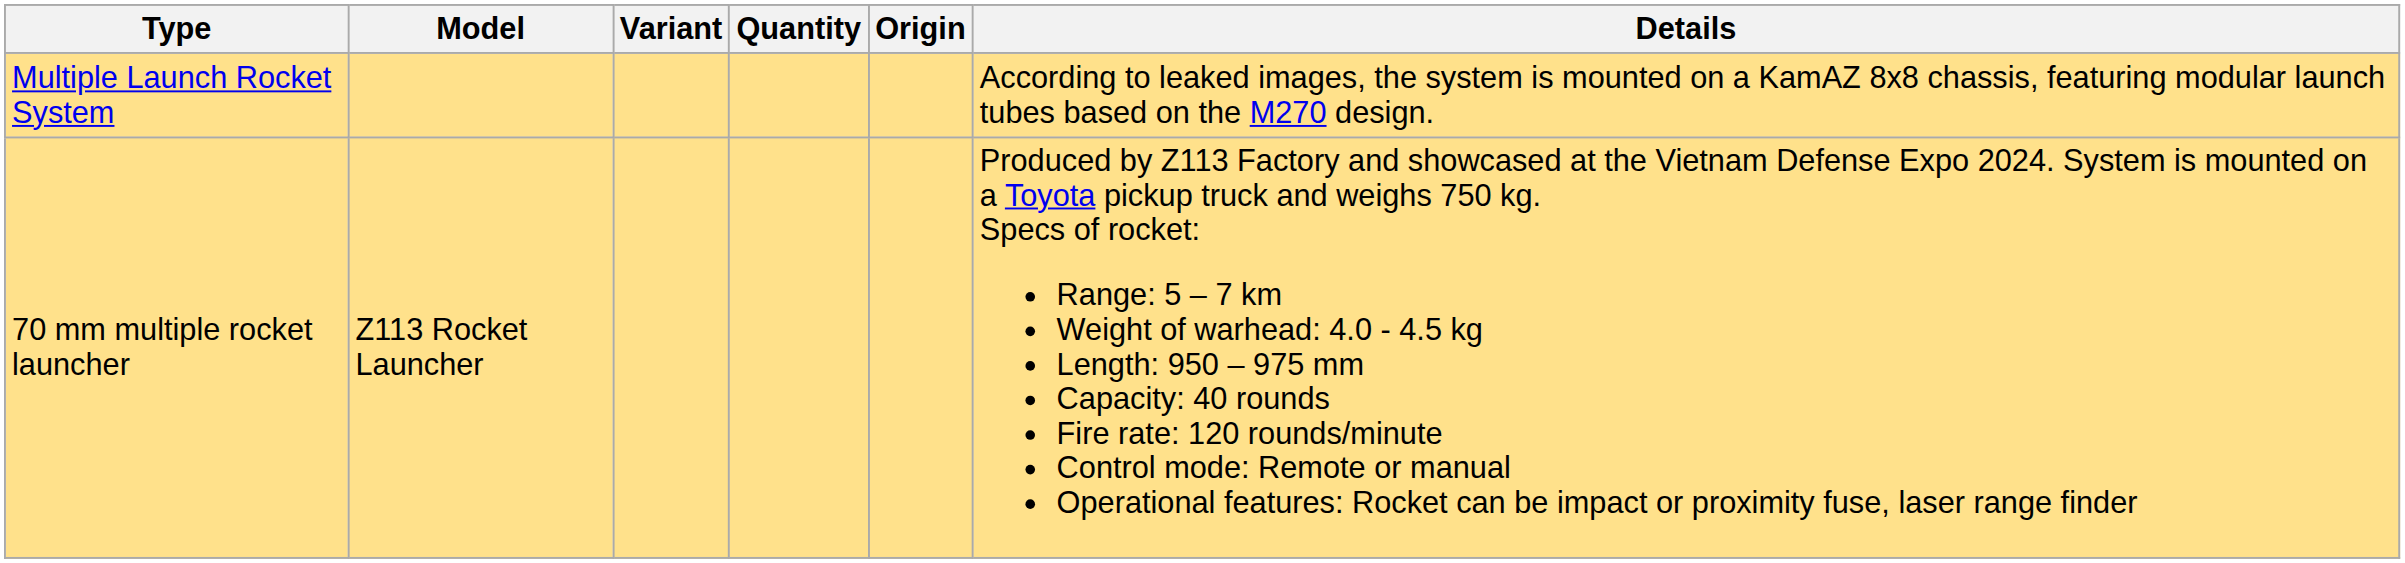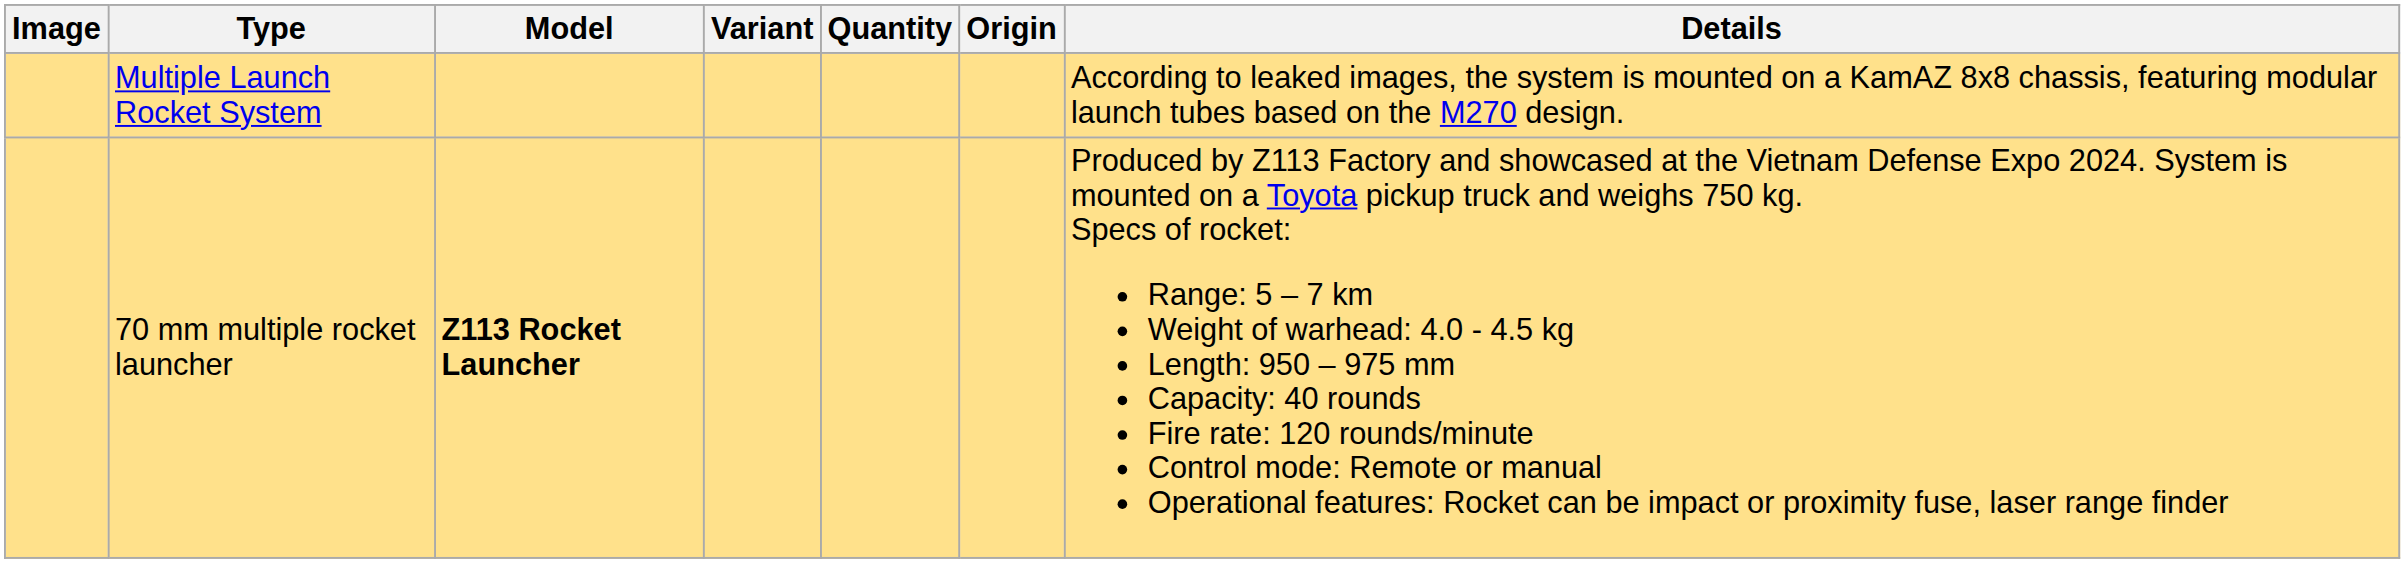 <table class="wikitable">
 <tr>
+<th>Image</th>
 <th>Type</th>
 <th>Model</th>
 <th>Variant</th>
 <th>Quantity</th>
 <th>Origin</th>
 <th>Details</th>
 </tr>
 <tr>
+<td style="background: #FFE18B"></td>
 <td style="background: #FFE18B"><a href='#'>Multiple Launch Rocket System</a></td>
 <td style="background: #FFE18B"></td>
 <td style="background: #FFE18B"></td>
 <td style="background: #FFE18B"></td>
 <td style="background: #FFE18B"></td>
 <td style="background: #FFE18B">According to leaked images, the system is mounted on a KamAZ 8x8 chassis, featuring modular launch tubes based on the <a href='#'>M270</a> design.</td>
 </tr>
 <tr>
+<td style="background: #FFE18B"></td>
 <td style="background: #FFE18B">70 mm multiple rocket launcher</td>
-<td style="background: #FFE18B">Z113 Rocket Launcher</td>
+<td style="background: #FFE18B"><strong>Z113 Rocket Launcher</strong></td>
 <td style="background: #FFE18B"></td>
 <td style="background: #FFE18B"></td>
 <td style="background: #FFE18B"></td>
 <td style="background: #FFE18B">Produced by Z113 Factory and showcased at the Vietnam Defense Expo 2024. System is mounted on a <a href='#'>Toyota</a> pickup truck and weighs 750 kg.<br>Specs of rocket:<ul><li>Range: 5 – 7 km</li><li>Weight of warhead: 4.0 - 4.5 kg</li><li>Length: 950 – 975 mm</li><li>Capacity: 40 rounds</li><li>Fire rate: 120 rounds/minute</li><li>Control mode: Remote or manual</li><li>Operational features: Rocket can be impact or proximity fuse, laser range finder</li></ul></td>
 </tr>
 </table>
